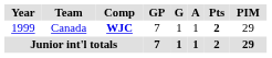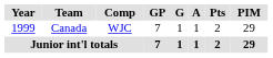 <table BORDER="0" CELLPADDING="2" CELLSPACING="0" width=40%>
 <tr ALIGN="center" bgcolor="#e0e0e0">
 <th>Year</th>
 <th>Team</th>
 <th>Comp</th>
 <th>GP</th>
 <th>G</th>
 <th>A</th>
 <th>Pts</th>
 <th>PIM</th>
 </tr>
 <tr ALIGN="center">
 <td><a href='#'>1999</a></td>
 <td><a href='#'>Canada</a></td>
-<td><strong><a href='#'>WJC</a></strong></td>
+<td><a href='#'>WJC</a></td>
 <td>7</td>
 <td>1</td>
 <td>1</td>
-<td><strong>2</strong></td>
+<td>2</td>
 <td>29</td>
 </tr>
 <tr bgcolor="#e0e0e0">
 <th colspan="3">Junior int'l totals</th>
 <th>7</th>
 <th>1</th>
 <th>1</th>
 <th>2</th>
 <th>29</th>
 </tr>
 </table>
